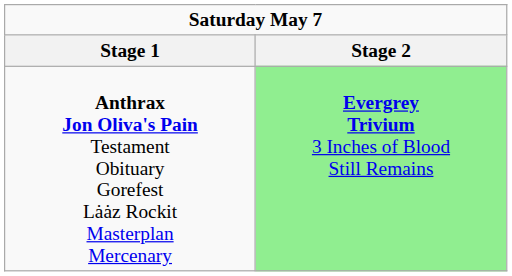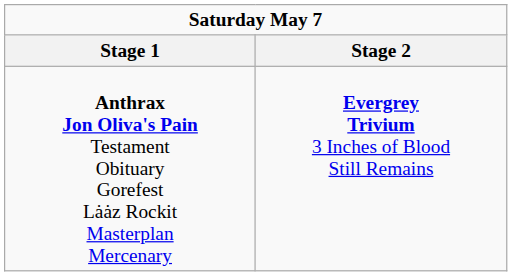 <table class="wikitable">
 <tr>
 <td colspan="3" align="center"><strong>Saturday May 7</strong></td>
 </tr>
 <tr>
 <th>Stage 1</th>
 <th>Stage 2</th>
 </tr>
 <tr>
 <td valign="top" align="center" width=200><br><strong>Anthrax</strong> <br><strong><a href='#'>Jon Oliva's Pain</a></strong> <br>Testament <br>Obituary <br>Gorefest <br>Lȧȧz Rockit <br><a href='#'>Masterplan</a> <br><a href='#'>Mercenary</a></td>
-<td valign="top" align="center" width=200 style="background: lightgreen;"><br><strong><a href='#'>Evergrey</a></strong> <br><strong><a href='#'>Trivium</a></strong> <br><a href='#'>3 Inches of Blood</a> <br><a href='#'>Still Remains</a></td>
+<td valign="top" align="center" width=200><br><strong><a href='#'>Evergrey</a></strong> <br><strong><a href='#'>Trivium</a></strong> <br><a href='#'>3 Inches of Blood</a> <br><a href='#'>Still Remains</a></td>
 </tr>
 </table>
